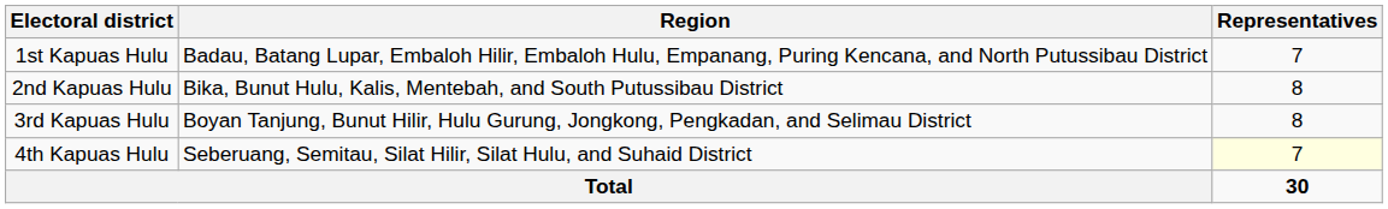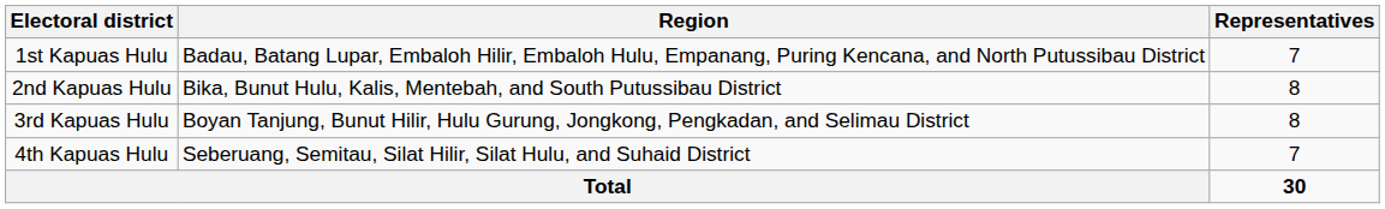 <table class="wikitable">
 <tr>
 <th>Electoral district</th>
 <th>Region</th>
 <th>Representatives</th>
 </tr>
 <tr>
 <td align="center">1st Kapuas Hulu</td>
 <td>Badau, Batang Lupar, Embaloh Hilir, Embaloh Hulu, Empanang, Puring Kencana, and North Putussibau District</td>
 <td align="center">7</td>
 </tr>
 <tr>
 <td align="center">2nd Kapuas Hulu</td>
 <td>Bika, Bunut Hulu, Kalis, Mentebah, and South Putussibau District</td>
 <td align="center">8</td>
 </tr>
 <tr>
 <td align="center">3rd Kapuas Hulu</td>
 <td>Boyan Tanjung, Bunut Hilir, Hulu Gurung, Jongkong, Pengkadan, and Selimau District</td>
 <td align="center">8</td>
 </tr>
 <tr>
 <td align="center">4th Kapuas Hulu</td>
 <td>Seberuang, Semitau, Silat Hilir, Silat Hulu, and Suhaid District</td>
-<td align="center" style="background: lightyellow;">7</td>
+<td align="center">7</td>
 </tr>
 <tr>
 <th colspan="2">Total</th>
 <td align="center"><strong>30</strong></td>
 </tr>
 </table>
